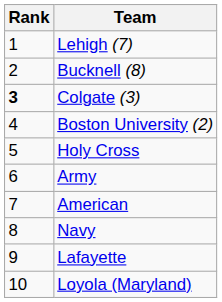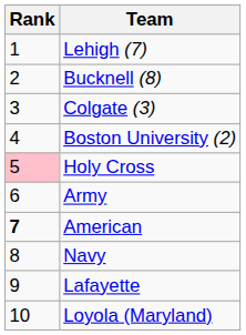 <table class="wikitable">
 <tr>
 <th>Rank</th>
 <th>Team</th>
 </tr>
 <tr>
 <td>1</td>
 <td><a href='#'>Lehigh</a> <em>(7)</em></td>
 </tr>
 <tr>
 <td>2</td>
 <td><a href='#'>Bucknell</a>  <em>(8)</em></td>
 </tr>
 <tr>
-<td><strong>3</strong></td>
+<td>3</td>
 <td><a href='#'>Colgate</a> <em>(3)</em></td>
 </tr>
 <tr>
 <td>4</td>
 <td><a href='#'>Boston University</a> <em>(2)</em></td>
 </tr>
 <tr>
-<td>5</td>
+<td style="background: pink;">5</td>
 <td><a href='#'>Holy Cross</a></td>
 </tr>
 <tr>
 <td>6</td>
 <td><a href='#'>Army</a></td>
 </tr>
 <tr>
-<td>7</td>
+<td><strong>7</strong></td>
 <td><a href='#'>American</a></td>
 </tr>
 <tr>
 <td>8</td>
 <td><a href='#'>Navy</a></td>
 </tr>
 <tr>
 <td>9</td>
 <td><a href='#'>Lafayette</a></td>
 </tr>
 <tr>
 <td>10</td>
 <td><a href='#'>Loyola (Maryland)</a></td>
 </tr>
 </table>
